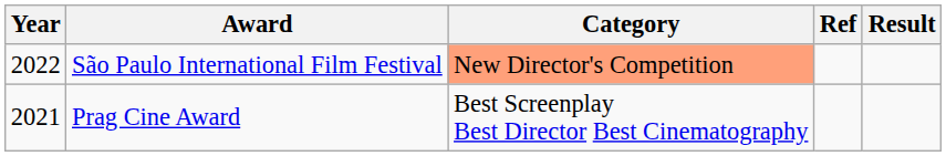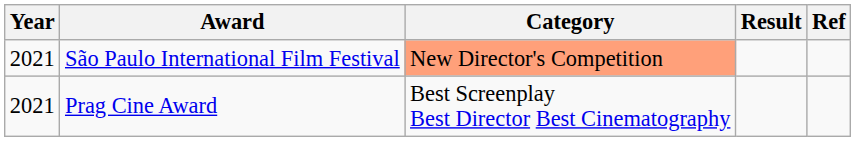 <table class="wikitable">
 <tr>
 <th>Year</th>
 <th>Award</th>
 <th>Category</th>
+<th>Result</th>
 <th>Ref</th>
-<th>Result</th>
 </tr>
 <tr>
-<td>2022</td>
+<td>2021</td>
 <td><a href='#'>São Paulo International Film Festival</a></td>
 <td style="background: lightsalmon;">New Director's Competition</td>
 <td></td>
 <td></td>
 </tr>
 <tr>
 <td>2021</td>
 <td><a href='#'>Prag Cine Award</a></td>
 <td>Best Screenplay<br><a href='#'>Best Director</a> <a href='#'>Best Cinematography</a></td>
 <td></td>
 <td></td>
 </tr>
 </table>
